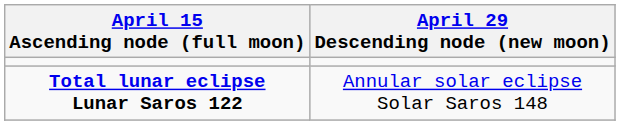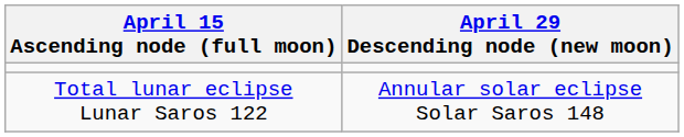 <table class="wikitable">
 <tr>
 <th><a href='#'>April 15</a><br>Ascending node (full moon)<br></th>
 <th><a href='#'>April 29</a><br>Descending node (new moon)<br></th>
 </tr>
 <tr>
 <td></td>
 <td></td>
 </tr>
 <tr align=center>
-<td><strong><a href='#'>Total lunar eclipse</a><br>Lunar Saros 122</strong></td>
+<td><a href='#'>Total lunar eclipse</a><br>Lunar Saros 122</td>
 <td><a href='#'>Annular solar eclipse</a><br>Solar Saros 148</td>
 </tr>
 </table>
